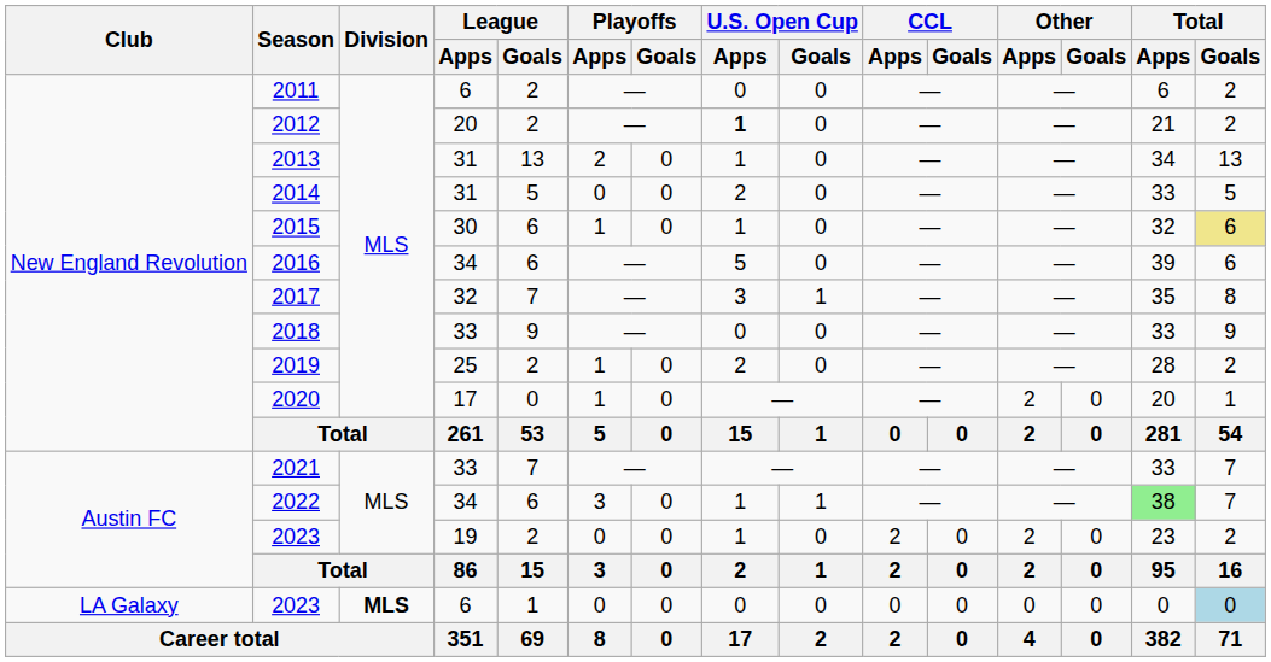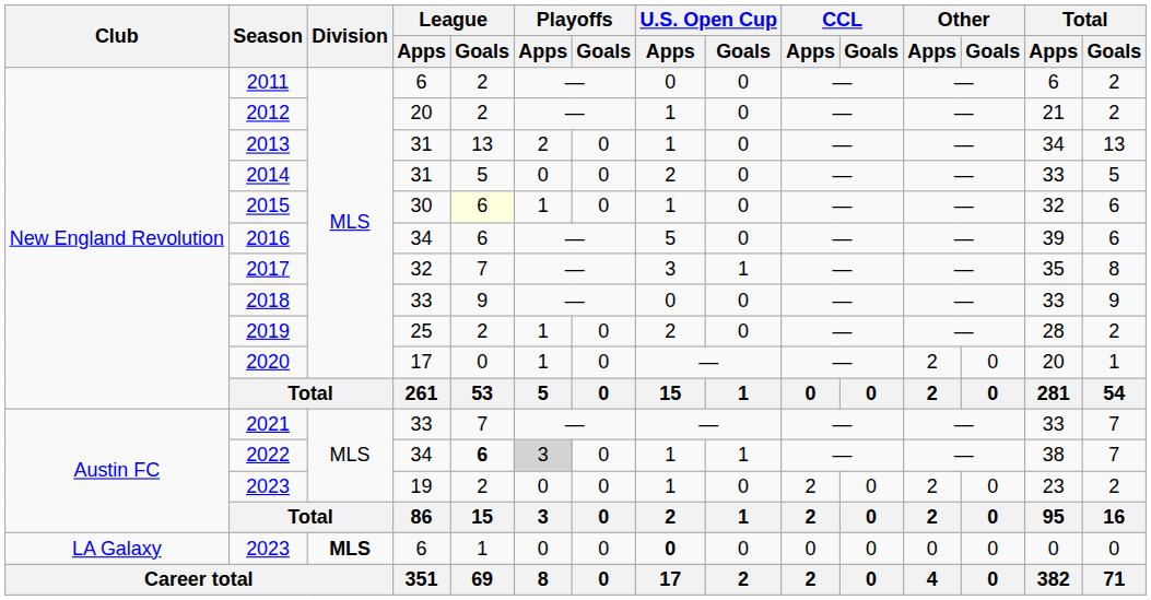 <table class="wikitable" style="text-align: center;">
 <tr>
 <th rowspan="2">Club</th>
 <th rowspan="2">Season</th>
 <th rowspan="2">Division</th>
 <th colspan="2">League</th>
 <th colspan="2">Playoffs</th>
 <th colspan="2"><a href='#'>U.S. Open Cup</a></th>
 <th colspan="2"><a href='#'>CCL</a></th>
 <th colspan="2">Other</th>
 <th colspan="2">Total</th>
 </tr>
 <tr>
 <th>Apps</th>
 <th>Goals</th>
 <th>Apps</th>
 <th>Goals</th>
 <th>Apps</th>
 <th>Goals</th>
 <th>Apps</th>
 <th>Goals</th>
 <th>Apps</th>
 <th>Goals</th>
 <th>Apps</th>
 <th>Goals</th>
 </tr>
 <tr>
 <td rowspan="11"><a href='#'>New England Revolution</a></td>
 <td><a href='#'>2011</a></td>
 <td rowspan=10><a href='#'>MLS</a></td>
 <td>6</td>
 <td>2</td>
 <td colspan="2">—</td>
 <td>0</td>
 <td>0</td>
 <td colspan="2">—</td>
 <td colspan="2">—</td>
 <td>6</td>
 <td>2</td>
 </tr>
 <tr>
 <td><a href='#'>2012</a></td>
 <td>20</td>
 <td>2</td>
 <td colspan="2">—</td>
-<td><strong>1</strong></td>
+<td>1</td>
 <td>0</td>
 <td colspan="2">—</td>
 <td colspan="2">—</td>
 <td>21</td>
 <td>2</td>
 </tr>
 <tr>
 <td><a href='#'>2013</a></td>
 <td>31</td>
 <td>13</td>
 <td>2</td>
 <td>0</td>
 <td>1</td>
 <td>0</td>
 <td colspan="2">—</td>
 <td colspan="2">—</td>
 <td>34</td>
 <td>13</td>
 </tr>
 <tr>
 <td><a href='#'>2014</a></td>
 <td>31</td>
 <td>5</td>
 <td>0</td>
 <td>0</td>
 <td>2</td>
 <td>0</td>
 <td colspan="2">—</td>
 <td colspan="2">—</td>
 <td>33</td>
 <td>5</td>
 </tr>
 <tr>
 <td><a href='#'>2015</a></td>
 <td>30</td>
-<td>6</td>
+<td style="background: lightyellow;">6</td>
 <td>1</td>
 <td>0</td>
 <td>1</td>
 <td>0</td>
 <td colspan="2">—</td>
 <td colspan="2">—</td>
 <td>32</td>
-<td style="background: khaki;">6</td>
+<td>6</td>
 </tr>
 <tr>
 <td><a href='#'>2016</a></td>
 <td>34</td>
 <td>6</td>
 <td colspan="2">—</td>
 <td>5</td>
 <td>0</td>
 <td colspan="2">—</td>
 <td colspan="2">—</td>
 <td>39</td>
 <td>6</td>
 </tr>
 <tr>
 <td><a href='#'>2017</a></td>
 <td>32</td>
 <td>7</td>
 <td colspan="2">—</td>
 <td>3</td>
 <td>1</td>
 <td colspan="2">—</td>
 <td colspan="2">—</td>
 <td>35</td>
 <td>8</td>
 </tr>
 <tr>
 <td><a href='#'>2018</a></td>
 <td>33</td>
 <td>9</td>
 <td colspan="2">—</td>
 <td>0</td>
 <td>0</td>
 <td colspan="2">—</td>
 <td colspan="2">—</td>
 <td>33</td>
 <td>9</td>
 </tr>
 <tr>
 <td><a href='#'>2019</a></td>
 <td>25</td>
 <td>2</td>
 <td>1</td>
 <td>0</td>
 <td>2</td>
 <td>0</td>
 <td colspan="2">—</td>
 <td colspan="2">—</td>
 <td>28</td>
 <td>2</td>
 </tr>
 <tr>
 <td><a href='#'>2020</a></td>
 <td>17</td>
 <td>0</td>
 <td>1</td>
 <td>0</td>
 <td colspan="2">—</td>
 <td colspan="2">—</td>
 <td>2</td>
 <td>0</td>
 <td>20</td>
 <td>1</td>
 </tr>
 <tr>
 <th colspan=2>Total</th>
 <th>261</th>
 <th>53</th>
 <th>5</th>
 <th>0</th>
 <th>15</th>
 <th>1</th>
 <th>0</th>
 <th>0</th>
 <th>2</th>
 <th>0</th>
 <th>281</th>
 <th>54</th>
 </tr>
 <tr>
 <td rowspan="4"><a href='#'>Austin FC</a></td>
 <td><a href='#'>2021</a></td>
 <td rowspan=3>MLS</td>
 <td>33</td>
 <td>7</td>
 <td colspan=2>—</td>
 <td colspan=2>—</td>
 <td colspan=2>—</td>
 <td colspan=2>—</td>
 <td>33</td>
 <td>7</td>
 </tr>
 <tr>
 <td><a href='#'>2022</a></td>
 <td>34</td>
-<td>6</td>
-<td>3</td>
+<td><strong>6</strong></td>
+<td style="background: lightgrey;">3</td>
 <td>0</td>
 <td>1</td>
 <td>1</td>
 <td colspan=2>—</td>
 <td colspan=2>—</td>
-<td style="background: lightgreen;">38</td>
+<td>38</td>
 <td>7</td>
 </tr>
 <tr>
 <td><a href='#'>2023</a></td>
 <td>19</td>
 <td>2</td>
 <td>0</td>
 <td>0</td>
 <td>1</td>
 <td>0</td>
 <td>2</td>
 <td>0</td>
 <td>2</td>
 <td>0</td>
 <td>23</td>
 <td>2</td>
 </tr>
 <tr>
 <th colspan=2>Total</th>
 <th>86</th>
 <th>15</th>
 <th>3</th>
 <th>0</th>
 <th>2</th>
 <th>1</th>
 <th>2</th>
 <th>0</th>
 <th>2</th>
 <th>0</th>
 <th>95</th>
 <th>16</th>
 </tr>
 <tr>
 <td><a href='#'>LA Galaxy</a></td>
 <td><a href='#'>2023</a></td>
 <td><strong>MLS</strong></td>
 <td>6</td>
 <td>1</td>
 <td>0</td>
 <td>0</td>
+<td><strong>0</strong></td>
 <td>0</td>
 <td>0</td>
 <td>0</td>
 <td>0</td>
 <td>0</td>
 <td>0</td>
 <td>0</td>
-<td style="background: lightblue;">0</td>
 </tr>
 <tr>
 <th colspan="3">Career total</th>
 <th>351</th>
 <th>69</th>
 <th>8</th>
 <th>0</th>
 <th>17</th>
 <th>2</th>
 <th>2</th>
 <th>0</th>
 <th>4</th>
 <th>0</th>
 <th>382</th>
 <th>71</th>
 </tr>
 </table>
